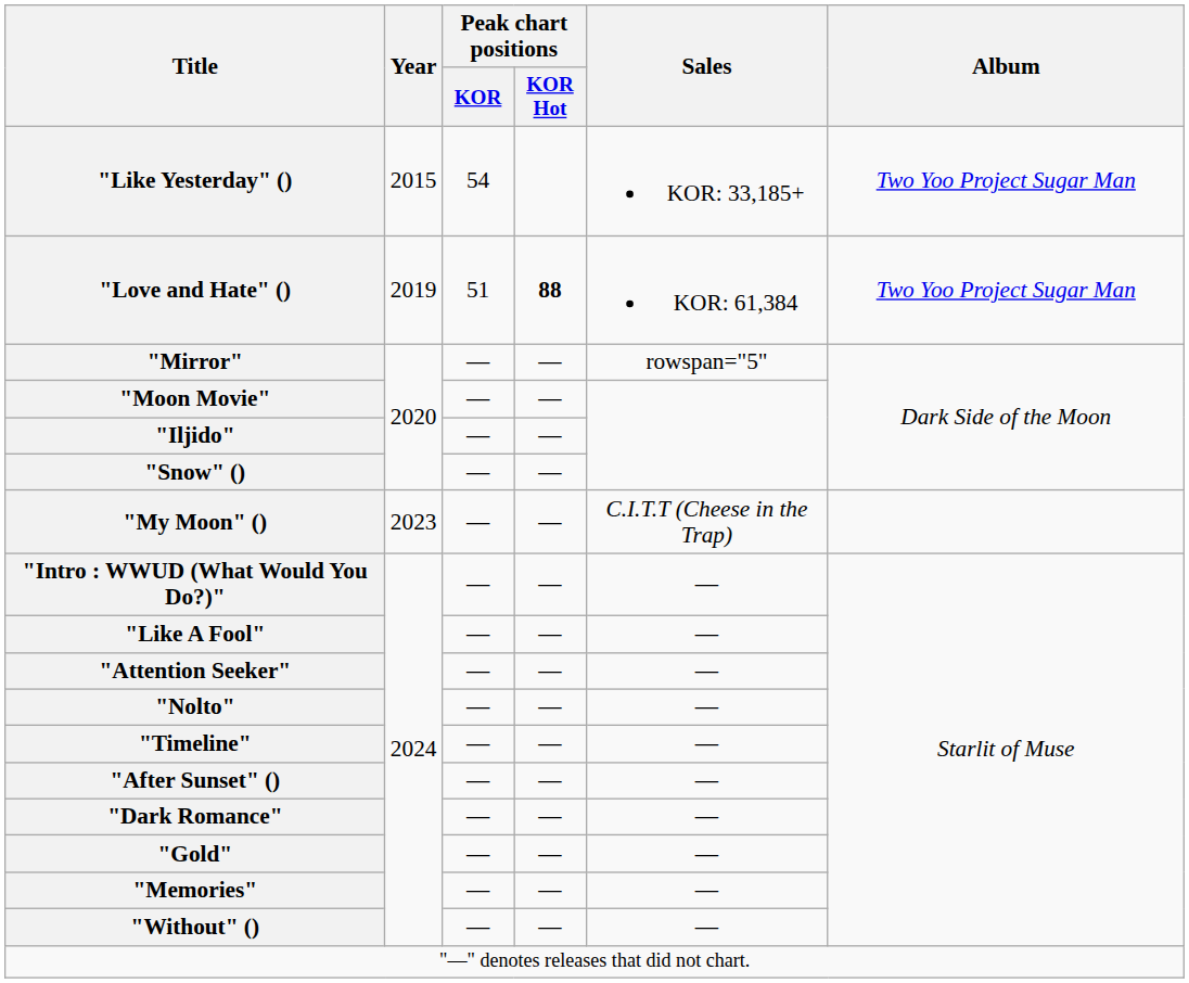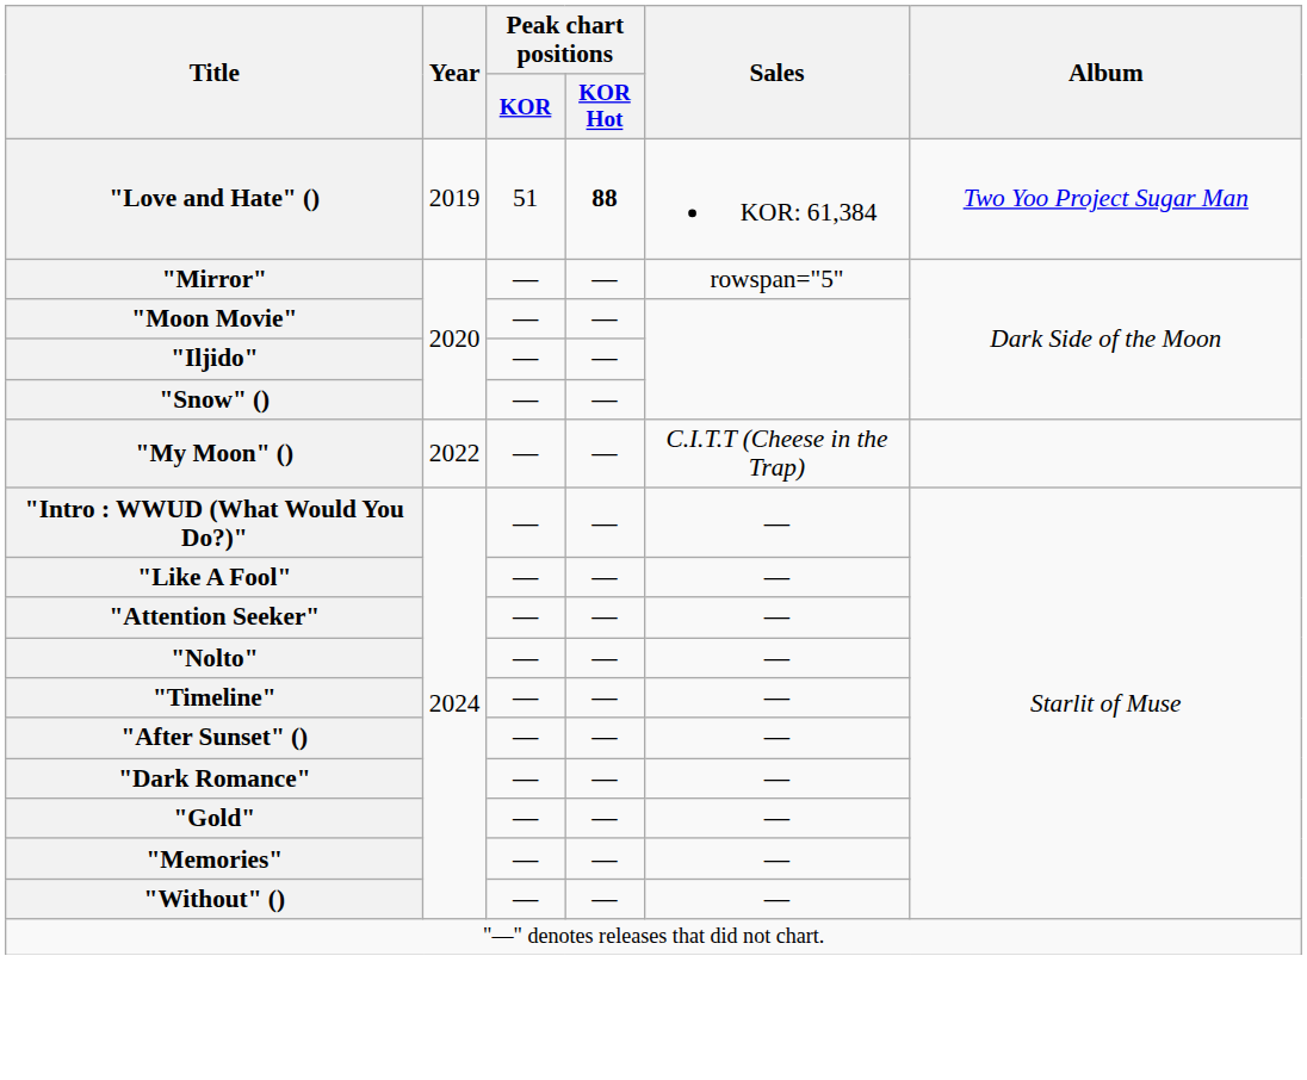 <table class="wikitable plainrowheaders" style="text-align:center" border="1">
 <tr>
 <th scope="col" rowspan="2" style="width:16em">Title</th>
 <th scope="col" rowspan="2">Year</th>
 <th scope="col" colspan="2" style="width:5em">Peak chart positions</th>
 <th scope="col" rowspan="2" style="width:10em">Sales</th>
 <th scope="col" rowspan="2" style="width:15em">Album</th>
 </tr>
 <tr>
 <th scope="col" style="width:3em;font-size:90%"><a href='#'>KOR</a><br></th>
 <th scope="col" style="width:3em;font-size:90%"><a href='#'>KOR Hot</a><br></th>
-</tr>
-<tr>
-<th scope="row">"Like Yesterday" ()<br></th>
-<td>2015</td>
-<td>54</td>
-<td></td>
-<td><br><ul><li>KOR: 33,185+</li></ul></td>
-<td><em><a href='#'>Two Yoo Project Sugar Man</a></em></td>
 </tr>
 <tr>
 <th scope="row">"Love and Hate" ()</th>
 <td>2019</td>
 <td>51</td>
 <td><strong>88</strong></td>
 <td><br><ul><li>KOR: 61,384</li></ul></td>
 <td><em><a href='#'>Two Yoo Project Sugar Man</a></em></td>
 </tr>
 <tr>
 <th scope="row">"Mirror"</th>
 <td rowspan="4">2020</td>
 <td>—</td>
 <td>—</td>
 <td>rowspan="5" </td>
 <td rowspan="4"><em>Dark Side of the Moon</em></td>
 </tr>
 <tr>
 <th scope="row">"Moon Movie"</th>
 <td>—</td>
 <td>—</td>
 </tr>
 <tr>
 <th scope="row">"Iljido"</th>
 <td>—</td>
 <td>—</td>
 </tr>
 <tr>
 <th scope="row">"Snow" ()</th>
 <td>—</td>
 <td>—</td>
 </tr>
 <tr>
 <th scope="row">"My Moon" ()</th>
-<td>2023</td>
+<td>2022</td>
 <td>—</td>
 <td>—</td>
 <td><em>C.I.T.T (Cheese in the Trap)</em></td>
 </tr>
 <tr>
 <th scope="row">"Intro : WWUD (What Would You Do?)"</th>
 <td rowspan="10">2024</td>
 <td>—</td>
 <td>—</td>
 <td>—</td>
 <td rowspan="10"><em>Starlit of Muse</em></td>
 </tr>
 <tr>
 <th scope="row">"Like A Fool"</th>
 <td>—</td>
 <td>—</td>
 <td>—</td>
 </tr>
 <tr>
 <th scope="row">"Attention Seeker"</th>
 <td>—</td>
 <td>—</td>
 <td>—</td>
 </tr>
 <tr>
 <th scope="row">"Nolto" </th>
 <td>—</td>
 <td>—</td>
 <td>—</td>
 </tr>
 <tr>
 <th scope="row">"Timeline"</th>
 <td>—</td>
 <td>—</td>
 <td>—</td>
 </tr>
 <tr>
 <th scope="row">"After Sunset" ()</th>
 <td>—</td>
 <td>—</td>
 <td>—</td>
 </tr>
 <tr>
 <th scope="row">"Dark Romance"</th>
 <td>—</td>
 <td>—</td>
 <td>—</td>
 </tr>
 <tr>
 <th scope="row">"Gold"</th>
 <td>—</td>
 <td>—</td>
 <td>—</td>
 </tr>
 <tr>
 <th scope="row">"Memories" </th>
 <td>—</td>
 <td>—</td>
 <td>—</td>
 </tr>
 <tr>
 <th scope="row">"Without" ()</th>
 <td>—</td>
 <td>—</td>
 <td>—</td>
 </tr>
 <tr>
 <td colspan="6" style="font-size:85%">"—" denotes releases that did not chart.</td>
 </tr>
 </table>
